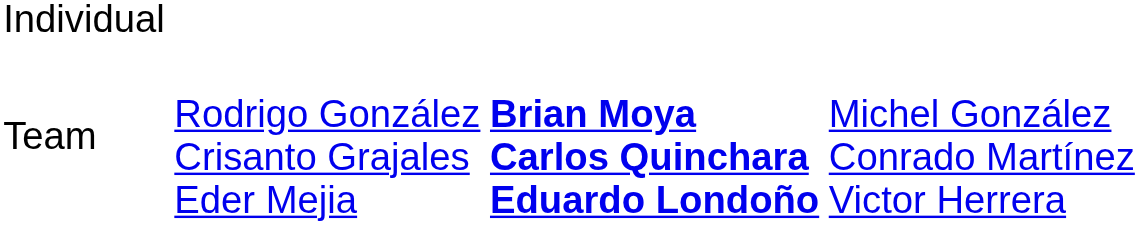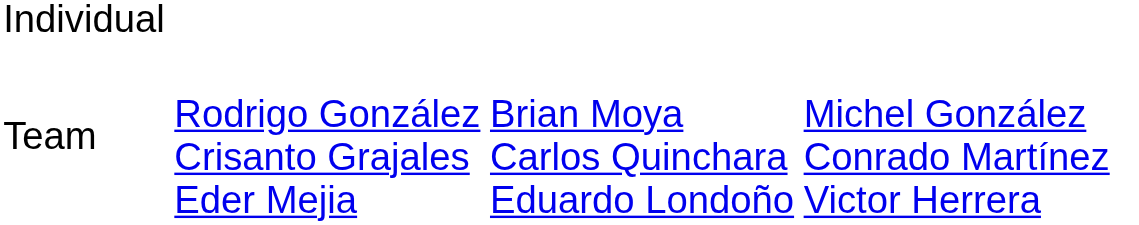 <table>
 <tr>
 <td>Individual</td>
 <td></td>
 <td></td>
 <td></td>
 </tr>
 <tr>
 <td>Team</td>
 <td><br><a href='#'>Rodrigo González</a><br><a href='#'>Crisanto Grajales</a><br><a href='#'>Eder Mejia</a></td>
-<td><strong><br><a href='#'>Brian Moya</a><br><a href='#'>Carlos Quinchara</a><br><a href='#'>Eduardo Londoño</a></strong></td>
+<td><br><a href='#'>Brian Moya</a><br><a href='#'>Carlos Quinchara</a><br><a href='#'>Eduardo Londoño</a></td>
 <td><br><a href='#'>Michel González</a><br><a href='#'>Conrado Martínez</a><br><a href='#'>Victor Herrera</a></td>
 </tr>
 </table>
